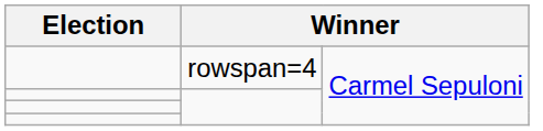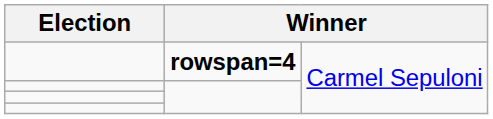 <table class=wikitable>
 <tr>
 <th width=100>Election</th>
 <th width=175 colspan=2>Winner</th>
 </tr>
 <tr>
 <td></td>
-<td>rowspan=4 </td>
+<td><strong>rowspan=4 </strong></td>
 <td rowspan=4><a href='#'>Carmel Sepuloni</a></td>
 </tr>
 <tr>
 <td></td>
 </tr>
 <tr>
 <td></td>
 </tr>
 <tr>
 <td></td>
 </tr>
 </table>
